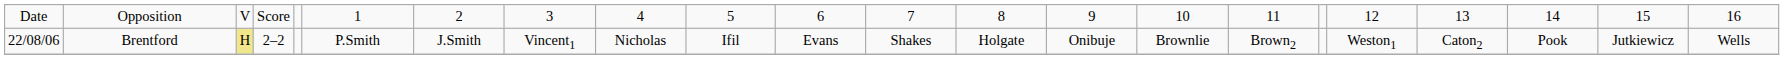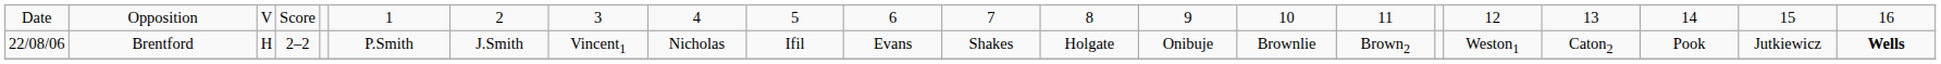 <table class="wikitable" style="font-size: 80%; text-align: center;">
 <tr style="text-align:center;">
 <td style="width:10px; ">Date</td>
 <td style="width:150px; ">Opposition</td>
 <td style="width:5px; ">V</td>
 <td style="width:5px; ">Score</td>
 <td style="width:1px; text-align:center;"></td>
 <td style="width:95px; ">1</td>
 <td style="width:75px; ">2</td>
 <td style="width:75px; ">3</td>
 <td style="width:75px; ">4</td>
 <td style="width:75px; ">5</td>
 <td style="width:75px; ">6</td>
 <td style="width:75px; ">7</td>
 <td style="width:75px; ">8</td>
 <td style="width:75px; ">9</td>
 <td style="width:75px; ">10</td>
 <td style="width:75px; ">11</td>
 <td style="width:1px; text-align:center;"></td>
 <td style="width:75px; ">12</td>
 <td style="width:75px; ">13</td>
 <td style="width:75px; ">14</td>
 <td style="width:75px; ">15</td>
 <td style="width:75px; ">16</td>
 </tr>
 <tr>
 <td>22/08/06</td>
 <td>Brentford</td>
-<td style="background: khaki;">H</td>
+<td>H</td>
 <td>2–2</td>
 <td></td>
 <td>P.Smith</td>
 <td>J.Smith</td>
 <td>Vincent<sub>1</sub></td>
 <td>Nicholas</td>
 <td>Ifil</td>
 <td>Evans</td>
 <td>Shakes</td>
 <td>Holgate</td>
 <td>Onibuje</td>
 <td>Brownlie</td>
 <td>Brown<sub>2</sub></td>
 <td></td>
 <td>Weston<sub>1</sub></td>
 <td>Caton<sub>2</sub></td>
 <td>Pook</td>
 <td>Jutkiewicz</td>
-<td>Wells</td>
+<td><strong>Wells</strong></td>
 </tr>
 <tr>
 </tr>
 </table>
